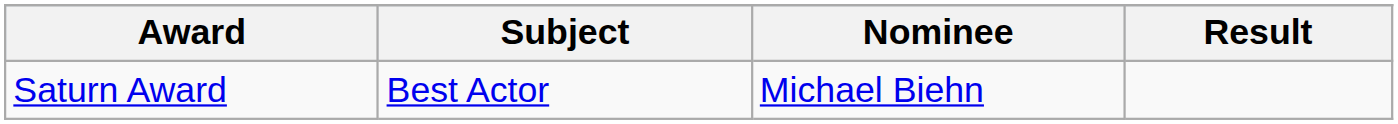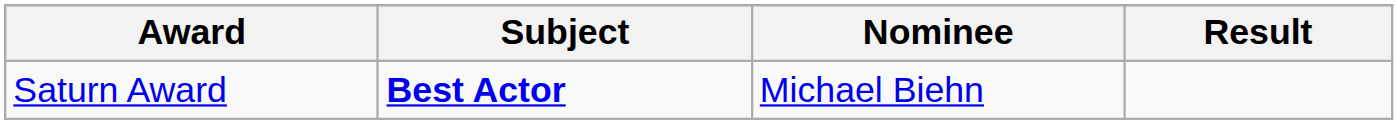 <table class="wikitable">
 <tr>
 </tr>
 <tr style="background:#b0c4de; text-align:center;">
 <th scope="col" style="width:10em;">Award</th>
 <th scope="col" style="width:10em;">Subject</th>
 <th scope="col" style="width:10em;">Nominee</th>
 <th scope="col" style="width:7em;">Result</th>
 </tr>
 <tr>
 <td><a href='#'>Saturn Award</a></td>
-<td><a href='#'>Best Actor</a></td>
+<td><strong><a href='#'>Best Actor</a></strong></td>
 <td><a href='#'>Michael Biehn</a></td>
 <td></td>
 </tr>
 </table>
